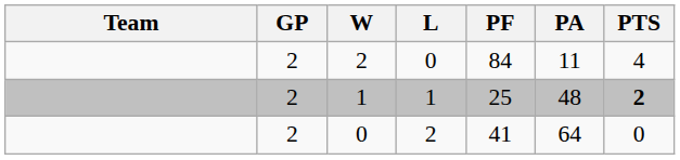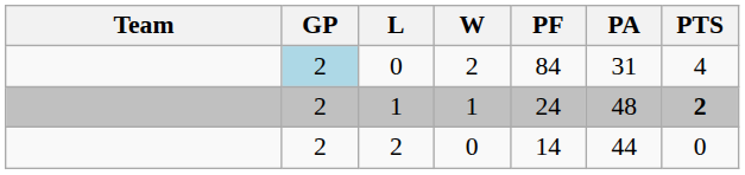 <table class="wikitable" style="text-align:center;">
 <tr>
 <th width=165>Team</th>
 <th width=40>GP</th>
+<th width=40>L</th>
 <th width=40>W</th>
-<th width=40>L</th>
 <th width=40>PF</th>
 <th width=40>PA</th>
 <th width=40>PTS</th>
 </tr>
 <tr>
 <td style="text-align:left;"></td>
+<td style="background: lightblue;">2</td>
+<td>0</td>
 <td>2</td>
-<td>2</td>
-<td>0</td>
 <td>84</td>
-<td>11</td>
+<td>31</td>
 <td>4</td>
 </tr>
 <tr style="background:silver">
 <td style="text-align:left;"> </td>
 <td>2</td>
 <td>1</td>
 <td>1</td>
-<td>25</td>
+<td>24</td>
 <td>48</td>
 <td><strong>2</strong></td>
 </tr>
 <tr>
 <td style="text-align:left;"></td>
 <td>2</td>
+<td>2</td>
 <td>0</td>
-<td>2</td>
-<td>41</td>
-<td>64</td>
+<td>14</td>
+<td>44</td>
 <td>0</td>
 </tr>
 </table>
